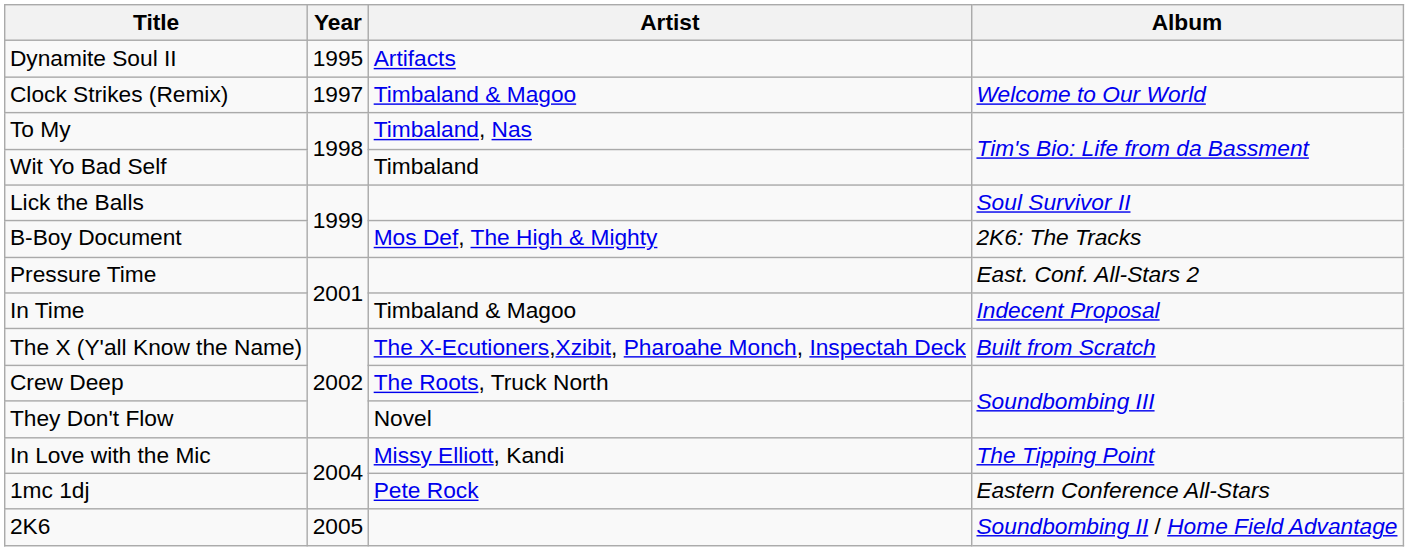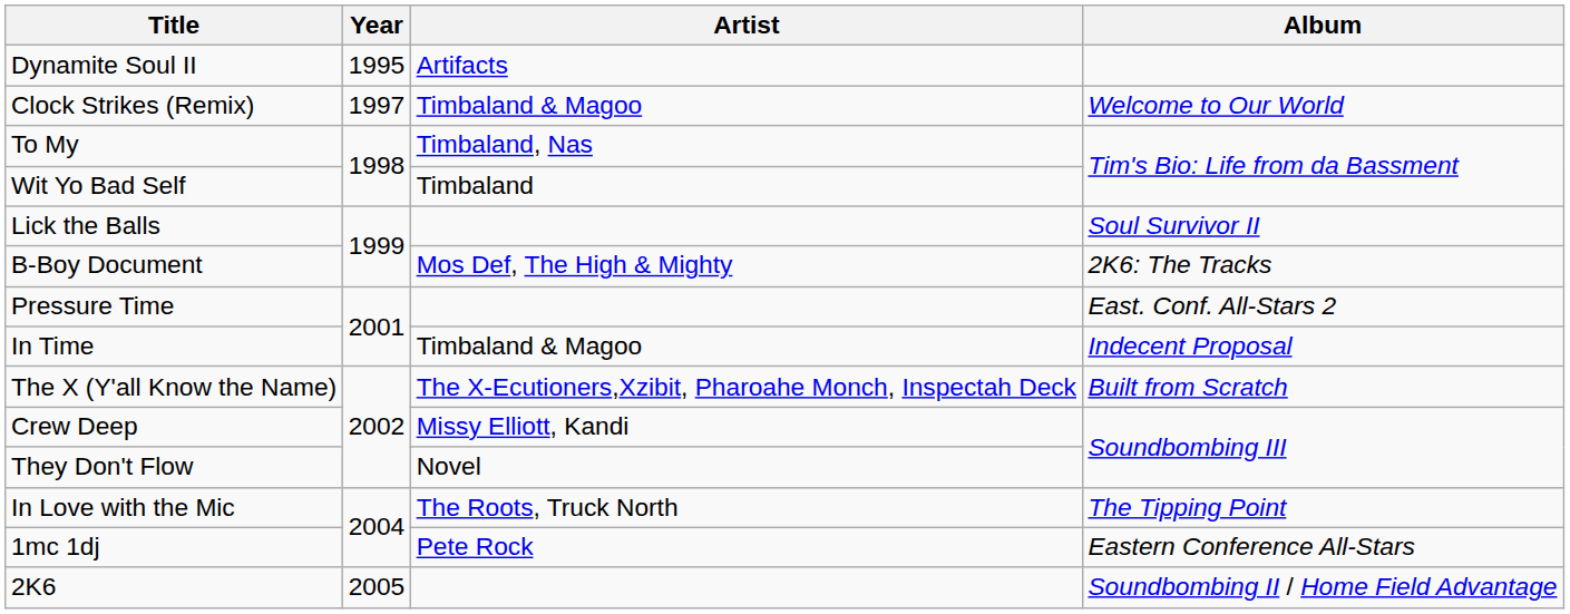 <table class="wikitable">
 <tr>
 <th>Title</th>
 <th>Year</th>
 <th>Artist</th>
 <th>Album</th>
 </tr>
 <tr>
 <td>Dynamite Soul II</td>
 <td>1995</td>
 <td><a href='#'>Artifacts</a></td>
 <td></td>
 </tr>
 <tr>
 <td>Clock Strikes (Remix)</td>
 <td>1997</td>
 <td><a href='#'>Timbaland & Magoo</a></td>
 <td><em><a href='#'>Welcome to Our World</a></em></td>
 </tr>
 <tr>
 <td>To My</td>
 <td rowspan="2">1998</td>
 <td><a href='#'>Timbaland</a>, <a href='#'>Nas</a></td>
 <td rowspan="2"><em><a href='#'>Tim's Bio: Life from da Bassment</a></em></td>
 </tr>
 <tr>
 <td>Wit Yo Bad Self</td>
 <td>Timbaland</td>
 </tr>
 <tr>
 <td>Lick the Balls</td>
 <td rowspan="2">1999</td>
 <td></td>
 <td><em><a href='#'>Soul Survivor II</a></em></td>
 </tr>
 <tr>
 <td>B-Boy Document</td>
 <td><a href='#'>Mos Def</a>, <a href='#'>The High & Mighty</a></td>
 <td><em>2K6: The Tracks</em></td>
 </tr>
 <tr>
 <td>Pressure Time</td>
 <td rowspan="2">2001</td>
 <td></td>
 <td><em>East. Conf. All-Stars 2</em></td>
 </tr>
 <tr>
 <td>In Time</td>
 <td>Timbaland & Magoo</td>
 <td><a href='#'><em>Indecent Proposal</em></a></td>
 </tr>
 <tr>
 <td>The X (Y'all Know the Name)</td>
 <td rowspan="3">2002</td>
 <td><a href='#'>The X-Ecutioners</a>,<a href='#'>Xzibit</a>, <a href='#'>Pharoahe Monch</a>, <a href='#'>Inspectah Deck</a></td>
 <td><em><a href='#'>Built from Scratch</a></em></td>
 </tr>
 <tr>
 <td>Crew Deep</td>
-<td><a href='#'>The Roots</a>, Truck North</td>
+<td><a href='#'>Missy Elliott</a>, Kandi</td>
 <td rowspan="2"><em><a href='#'>Soundbombing III</a></em></td>
 </tr>
 <tr>
 <td>They Don't Flow</td>
 <td>Novel</td>
 </tr>
 <tr>
 <td>In Love with the Mic</td>
 <td rowspan="2">2004</td>
-<td><a href='#'>Missy Elliott</a>, Kandi</td>
+<td><a href='#'>The Roots</a>, Truck North</td>
 <td><a href='#'><em>The Tipping Point</em></a></td>
 </tr>
 <tr>
 <td>1mc 1dj</td>
 <td><a href='#'>Pete Rock</a></td>
 <td><em>Eastern Conference All-Stars</em></td>
 </tr>
 <tr>
 <td>2K6</td>
 <td>2005</td>
 <td></td>
 <td><em><a href='#'>Soundbombing II</a></em> / <a href='#'><em>Home Field Advantage</em></a></td>
 </tr>
 </table>
